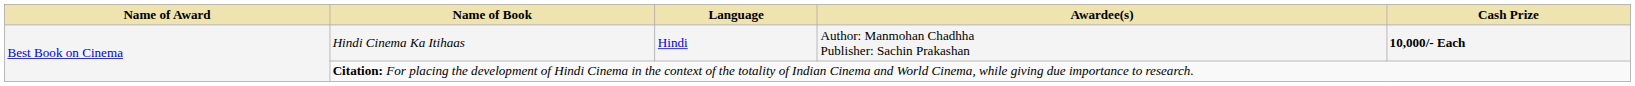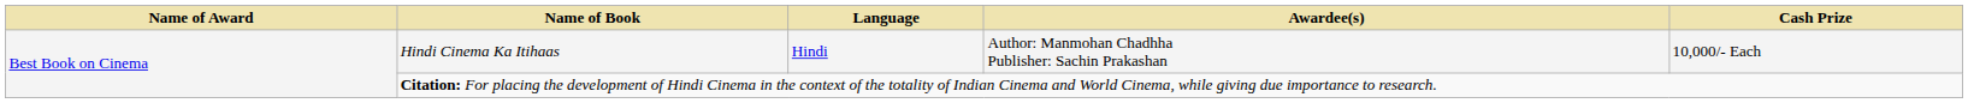 <table class="wikitable" style="width:100%;">
 <tr style="background-color:#F4F4F4">
 <th style="background-color:#EFE4B0;width:20%;">Name of Award</th>
 <th style="background-color:#EFE4B0;width:20%;">Name of Book</th>
 <th style="background-color:#EFE4B0;width:10%;">Language</th>
 <th style="background-color:#EFE4B0;width:35%;">Awardee(s)</th>
 <th style="background-color:#EFE4B0;width:15%;">Cash Prize</th>
 </tr>
 <tr style="background-color:#F4F4F4">
 <td rowspan="2"><a href='#'>Best Book on Cinema</a></td>
 <td><em>Hindi Cinema Ka Itihaas</em></td>
 <td><a href='#'>Hindi</a></td>
 <td>Author: Manmohan Chadhha<br>Publisher: Sachin Prakashan</td>
-<td><strong> 10,000/- Each</strong></td>
+<td> 10,000/- Each</td>
 </tr>
 <tr style="background-color:#F9F9F9">
 <td colspan="4"><strong>Citation:</strong> <em>For placing the development of Hindi Cinema in the context of the totality of Indian Cinema and World Cinema, while giving  due importance to research.</em></td>
 </tr>
 </table>
